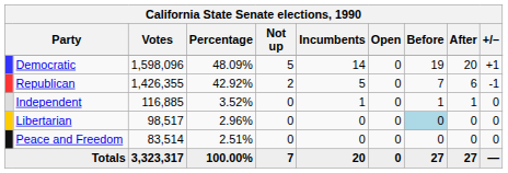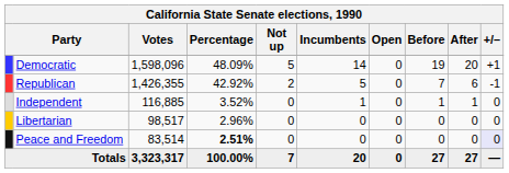 <table class="wikitable" style="font-size: 95%;">
 <tr style="background-color:#E9E9E9">
 <th colspan="10">California State Senate elections, 1990</th>
 </tr>
 <tr bgcolor="#EEEEEE" align="center">
 <th colspan=2 style="width: 10em">Party</th>
 <th style="width: 4em">Votes</th>
 <th style="width: 5em">Percentage</th>
 <th style="width: 3em">Not up</th>
 <th style="width: 5em">Incumbents</th>
 <th style="width: 2em">Open</th>
 <th style="width: 3em">Before</th>
 <th style="width: 2em">After</th>
 <th style="width: 1em">+/–</th>
 </tr>
 <tr>
 </tr>
 <tr>
 <th style="background-color:#3333FF; width: 3px"></th>
 <td style="width: 130px"><a href='#'>Democratic</a></td>
 <td align="right">1,598,096</td>
 <td align="right">48.09%</td>
 <td align="right">5</td>
 <td align="right">14</td>
 <td align="right">0</td>
 <td align="right">19</td>
 <td align="right">20</td>
 <td align="right">+1</td>
 </tr>
 <tr>
 <th style="background-color:#FF3333; width: 3px"></th>
 <td style="width: 130px"><a href='#'>Republican</a></td>
 <td align="right">1,426,355</td>
 <td align="right">42.92%</td>
 <td align="right">2</td>
 <td align="right">5</td>
 <td align="right">0</td>
 <td align="right">7</td>
 <td align="right">6</td>
 <td align="right">-1</td>
 </tr>
 <tr>
 <th style="background-color:#DDDDDD; width: 3px"></th>
 <td style="width: 130px"><a href='#'>Independent</a></td>
 <td align="right">116,885</td>
 <td align="right">3.52%</td>
 <td align="right">0</td>
 <td align="right">1</td>
 <td align="right">0</td>
 <td align="right">1</td>
 <td align="right">1</td>
 <td align="right">0</td>
 </tr>
 <tr>
 <th style="background-color:#FFCC00; width: 3px"></th>
 <td style="width: 130px"><a href='#'>Libertarian</a></td>
 <td align="right">98,517</td>
 <td align="right">2.96%</td>
 <td align="right">0</td>
 <td align="right">0</td>
 <td align="right">0</td>
-<td align="right" style="background: lightblue;">0</td>
+<td align="right">0</td>
 <td align="right">0</td>
 <td align="right">0</td>
 </tr>
 <tr>
 <th style="background-color:#111111; width: 3px"></th>
 <td style="width: 130px"><a href='#'>Peace and Freedom</a></td>
 <td align="right">83,514</td>
-<td align="right">2.51%</td>
+<td align="right"><strong>2.51%</strong></td>
 <td align="right">0</td>
 <td align="right">0</td>
 <td align="right">0</td>
 <td align="right">0</td>
 <td align="right">0</td>
-<td align="right">0</td>
+<td align="right" style="background: lavender;">0</td>
 </tr>
 <tr bgcolor="#EEEEEE">
 <td colspan="2" align="right"><strong>Totals</strong></td>
 <td align="right"><strong>3,323,317</strong></td>
 <td align="right"><strong>100.00%</strong></td>
 <td align="right"><strong>7</strong></td>
 <td align="right"><strong>20</strong></td>
 <td align="right"><strong>0</strong></td>
 <td align="right"><strong>27</strong></td>
 <td align="right"><strong>27</strong></td>
 <td align="right"><strong>—</strong></td>
 </tr>
 </table>
